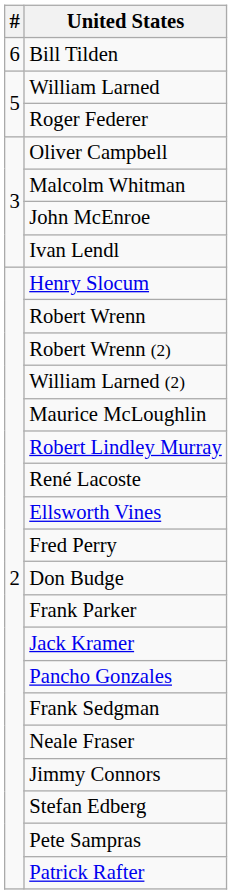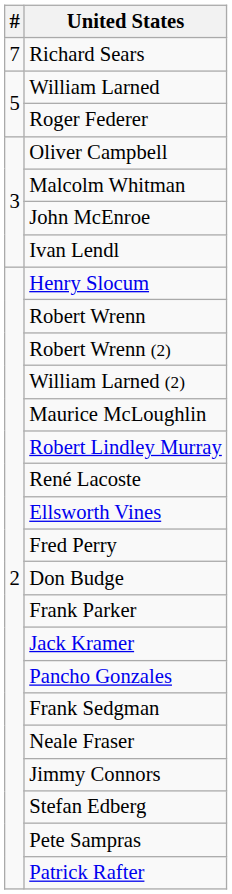 <table class=wikitable style="display:inline-table;">
 <tr>
 <th>#</th>
 <th>United States</th>
 </tr>
 <tr>
-<td>6</td>
-<td> Bill Tilden</td>
+<td>7</td>
+<td> Richard Sears</td>
 </tr>
 <tr>
 <td rowspan="2">5</td>
 <td> William Larned</td>
 </tr>
 <tr>
 <td> Roger Federer</td>
 </tr>
 <tr>
 <td rowspan="4">3</td>
 <td> Oliver Campbell</td>
 </tr>
 <tr>
 <td> Malcolm Whitman</td>
 </tr>
 <tr>
 <td> John McEnroe</td>
 </tr>
 <tr>
 <td> Ivan Lendl</td>
 </tr>
 <tr>
 <td rowspan="19">2</td>
 <td> <a href='#'>Henry Slocum</a></td>
 </tr>
 <tr>
 <td> Robert Wrenn</td>
 </tr>
 <tr>
 <td> Robert Wrenn <small>(2)</small></td>
 </tr>
 <tr>
 <td> William Larned <small>(2)</small></td>
 </tr>
 <tr>
 <td> Maurice McLoughlin</td>
 </tr>
 <tr>
 <td> <a href='#'>Robert Lindley Murray</a></td>
 </tr>
 <tr>
 <td> René Lacoste</td>
 </tr>
 <tr>
 <td> <a href='#'>Ellsworth Vines</a></td>
 </tr>
 <tr>
 <td> Fred Perry</td>
 </tr>
 <tr>
 <td> Don Budge</td>
 </tr>
 <tr>
 <td> Frank Parker</td>
 </tr>
 <tr>
 <td> <a href='#'>Jack Kramer</a></td>
 </tr>
 <tr>
 <td> <a href='#'>Pancho Gonzales</a></td>
 </tr>
 <tr>
 <td> Frank Sedgman</td>
 </tr>
 <tr>
 <td> Neale Fraser</td>
 </tr>
 <tr>
 <td> Jimmy Connors</td>
 </tr>
 <tr>
 <td> Stefan Edberg</td>
 </tr>
 <tr>
 <td> Pete Sampras</td>
 </tr>
 <tr>
 <td> <a href='#'>Patrick Rafter</a></td>
 </tr>
 </table>
